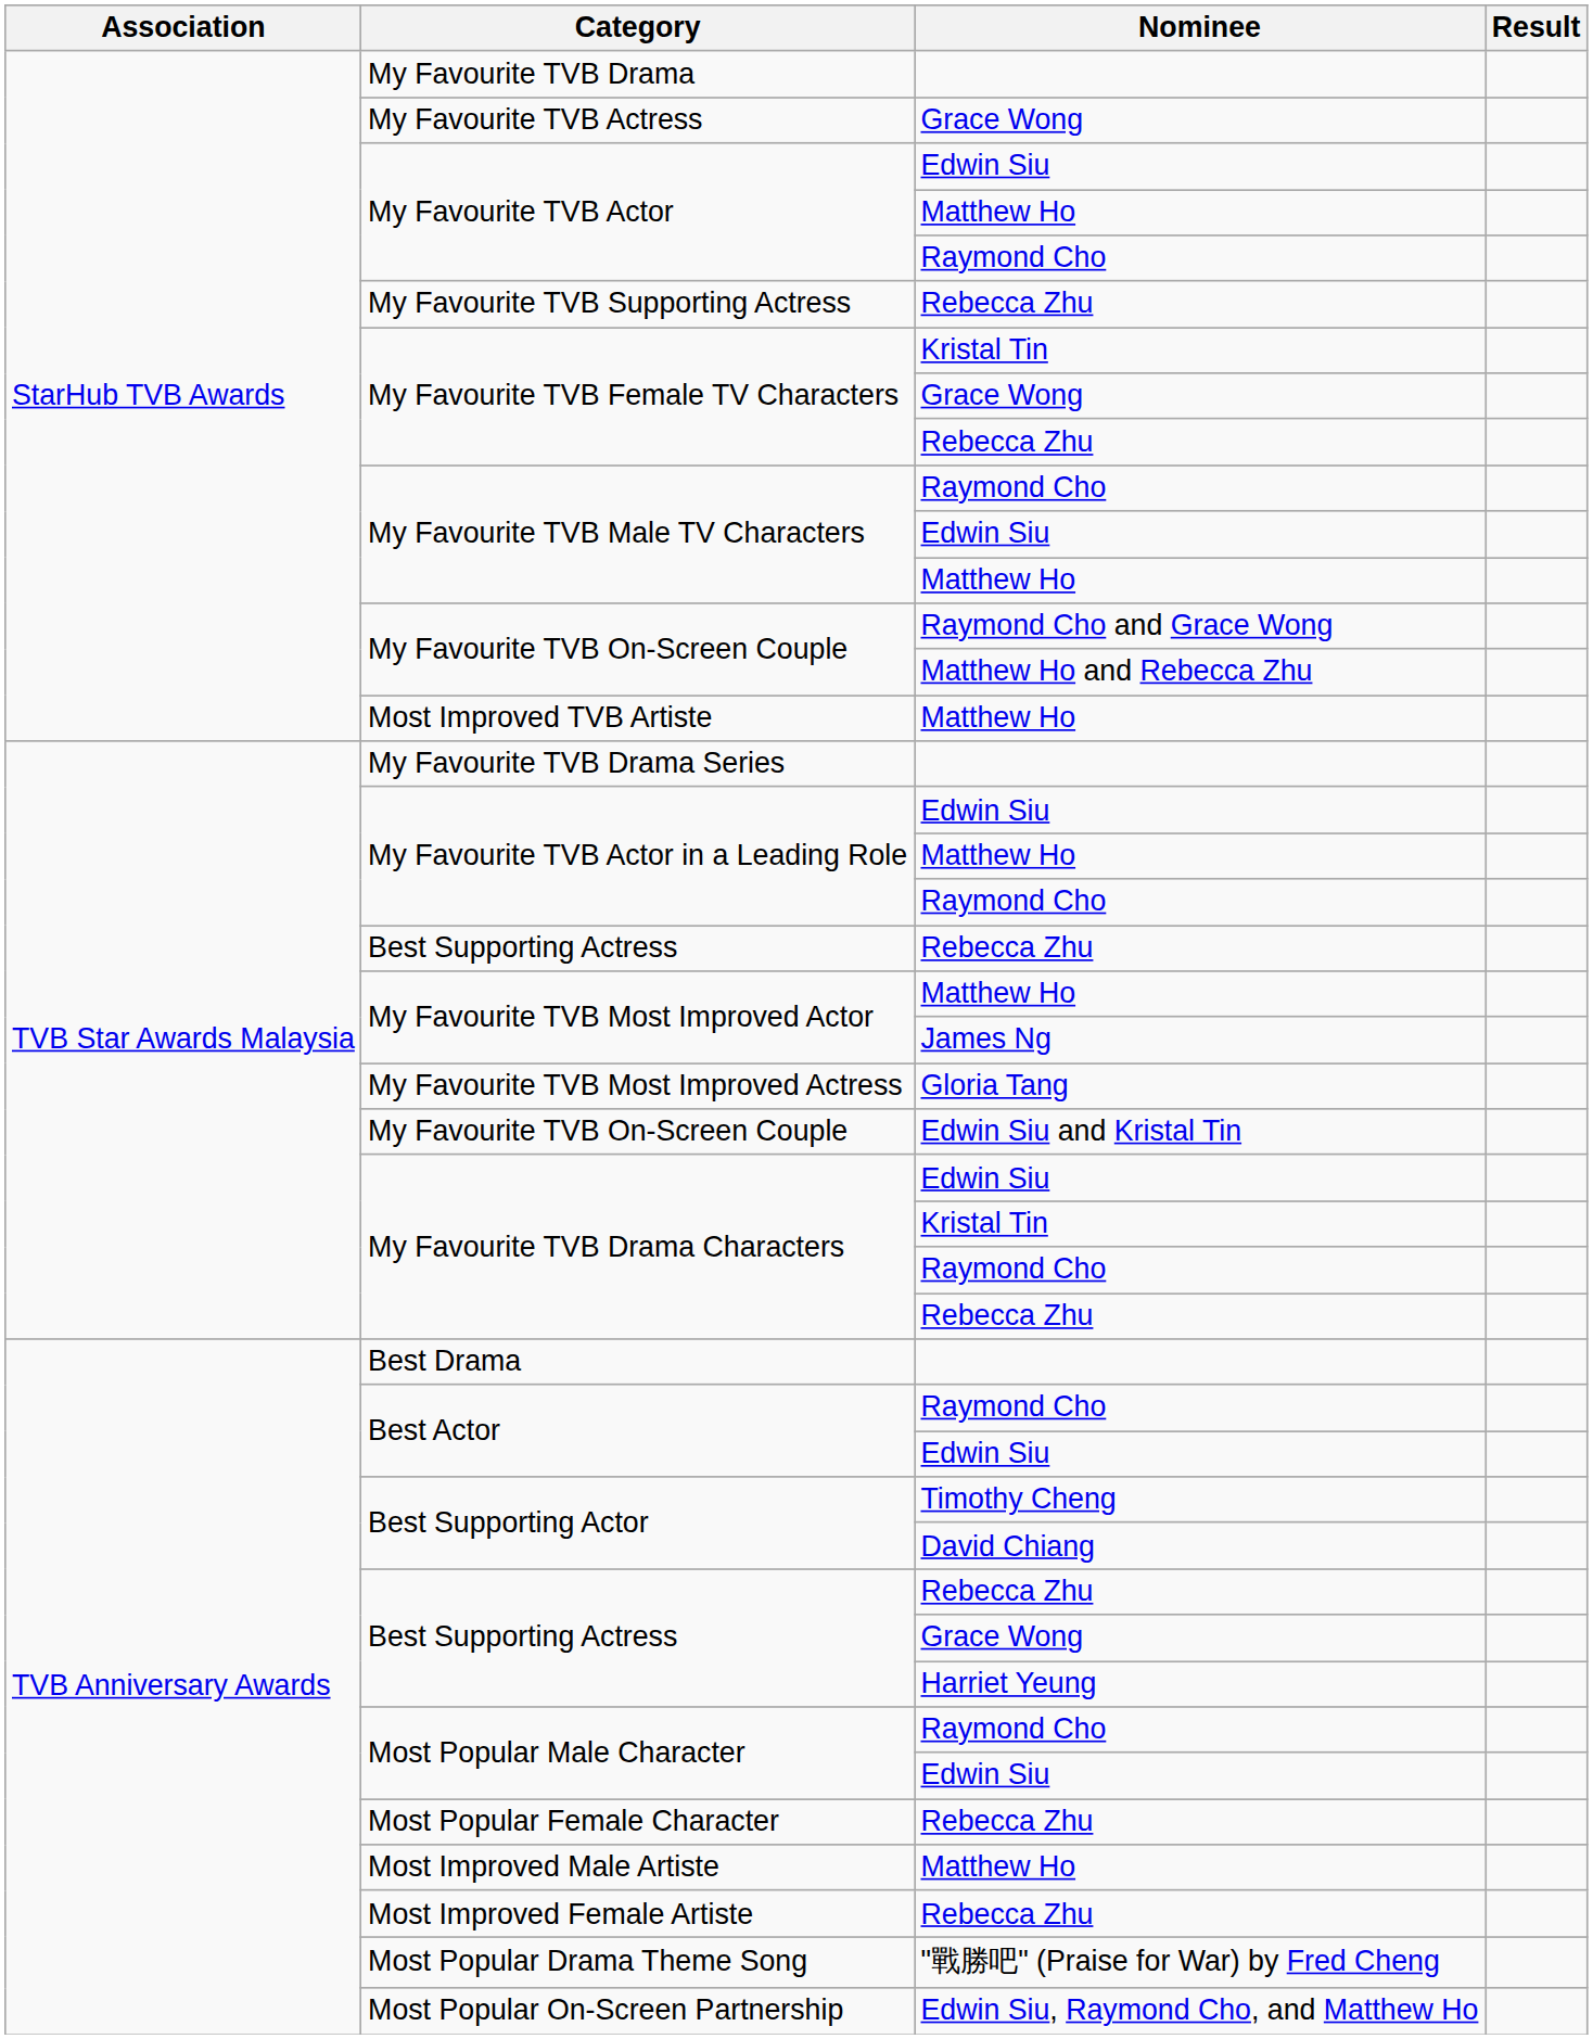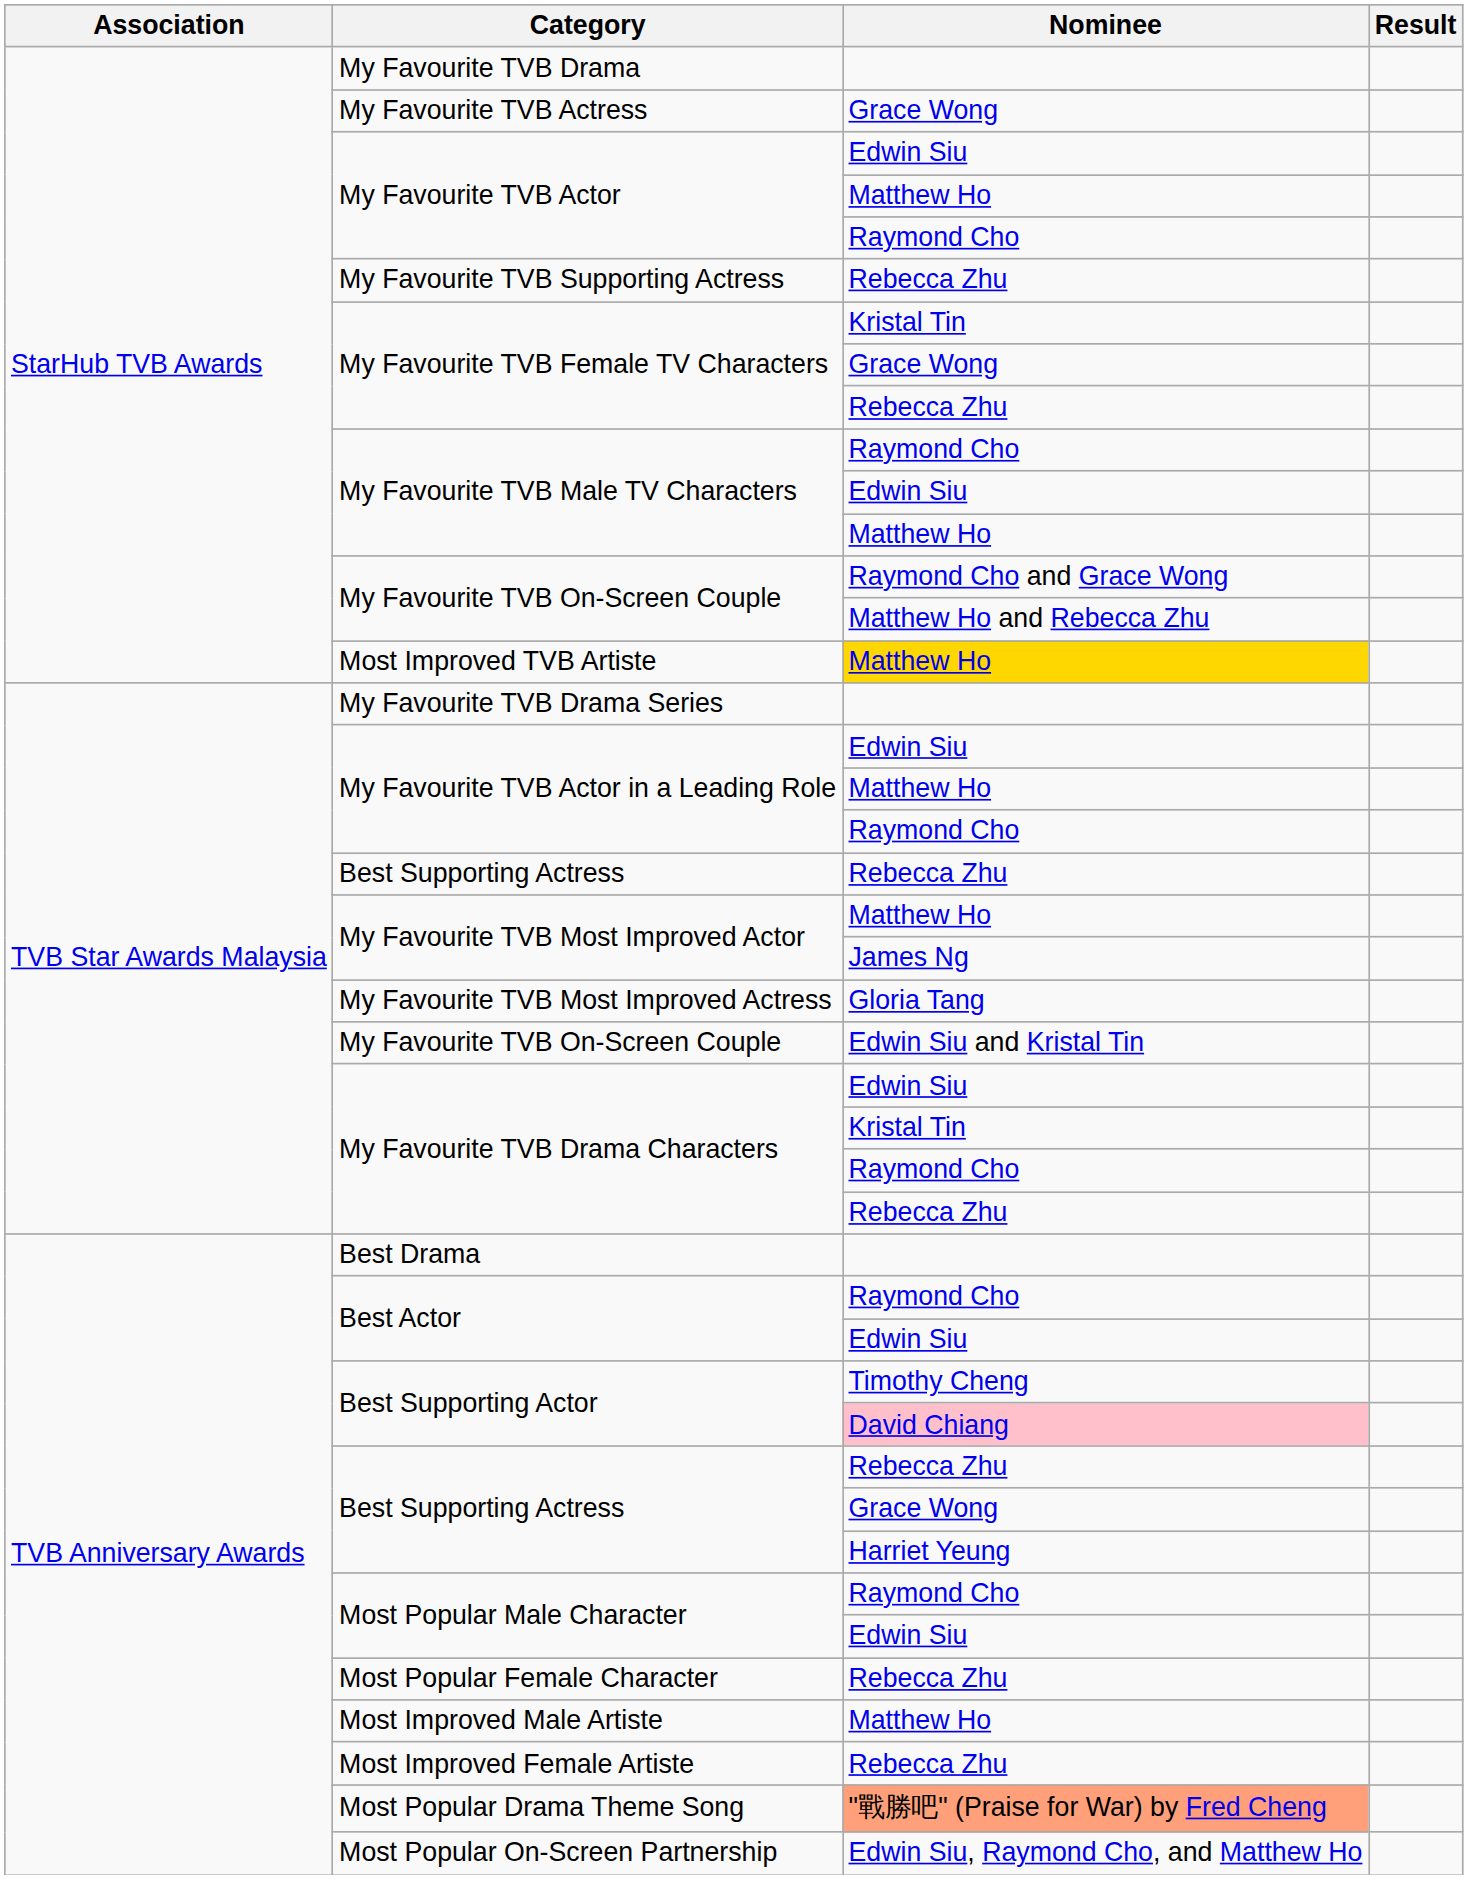 <table class="wikitable sortable">
 <tr>
 <th>Association</th>
 <th>Category</th>
 <th>Nominee</th>
 <th>Result</th>
 </tr>
 <tr>
 <td rowspan=15><a href='#'>StarHub TVB Awards</a></td>
 <td>My Favourite TVB Drama</td>
 <td></td>
 <td></td>
 </tr>
 <tr>
 <td>My Favourite TVB Actress</td>
 <td><a href='#'>Grace Wong</a></td>
 <td></td>
 </tr>
 <tr>
 <td rowspan=3>My Favourite TVB Actor</td>
 <td><a href='#'>Edwin Siu</a></td>
 <td></td>
 </tr>
 <tr>
 <td><a href='#'>Matthew Ho</a></td>
 <td></td>
 </tr>
 <tr>
 <td><a href='#'>Raymond Cho</a></td>
 <td></td>
 </tr>
 <tr>
 <td>My Favourite TVB Supporting Actress</td>
 <td><a href='#'>Rebecca Zhu</a></td>
 <td></td>
 </tr>
 <tr>
 <td rowspan=3>My Favourite TVB Female TV Characters</td>
 <td><a href='#'>Kristal Tin</a></td>
 <td></td>
 </tr>
 <tr>
 <td><a href='#'>Grace Wong</a></td>
 <td></td>
 </tr>
 <tr>
 <td><a href='#'>Rebecca Zhu</a></td>
 <td></td>
 </tr>
 <tr>
 <td rowspan=3>My Favourite TVB Male TV Characters</td>
 <td><a href='#'>Raymond Cho</a></td>
 <td></td>
 </tr>
 <tr>
 <td><a href='#'>Edwin Siu</a></td>
 <td></td>
 </tr>
 <tr>
 <td><a href='#'>Matthew Ho</a></td>
 <td></td>
 </tr>
 <tr>
 <td rowspan=2>My Favourite TVB On-Screen Couple</td>
 <td><a href='#'>Raymond Cho</a> and <a href='#'>Grace Wong</a></td>
 <td></td>
 </tr>
 <tr>
 <td><a href='#'>Matthew Ho</a> and <a href='#'>Rebecca Zhu</a></td>
 <td></td>
 </tr>
 <tr>
 <td>Most Improved TVB Artiste</td>
-<td><a href='#'>Matthew Ho</a></td>
+<td style="background: gold;"><a href='#'>Matthew Ho</a></td>
 <td></td>
 </tr>
 <tr>
 <td rowspan=13><a href='#'>TVB Star Awards Malaysia</a></td>
 <td>My Favourite TVB Drama Series</td>
 <td></td>
 <td></td>
 </tr>
 <tr>
 <td rowspan=3>My Favourite TVB Actor in a Leading Role</td>
 <td><a href='#'>Edwin Siu</a></td>
 <td></td>
 </tr>
 <tr>
 <td><a href='#'>Matthew Ho</a></td>
 <td></td>
 </tr>
 <tr>
 <td><a href='#'>Raymond Cho</a></td>
 <td></td>
 </tr>
 <tr>
 <td>Best Supporting Actress</td>
 <td><a href='#'>Rebecca Zhu</a></td>
 <td></td>
 </tr>
 <tr>
 <td rowspan=2>My Favourite TVB Most Improved Actor</td>
 <td><a href='#'>Matthew Ho</a></td>
 <td></td>
 </tr>
 <tr>
 <td><a href='#'>James Ng</a></td>
 <td></td>
 </tr>
 <tr>
 <td>My Favourite TVB Most Improved Actress</td>
 <td><a href='#'>Gloria Tang</a></td>
 <td></td>
 </tr>
 <tr>
 <td>My Favourite TVB On-Screen Couple</td>
 <td><a href='#'>Edwin Siu</a> and <a href='#'>Kristal Tin</a></td>
 <td></td>
 </tr>
 <tr>
 <td rowspan=4>My Favourite TVB Drama Characters</td>
 <td><a href='#'>Edwin Siu</a></td>
 <td></td>
 </tr>
 <tr>
 <td><a href='#'>Kristal Tin</a></td>
 <td></td>
 </tr>
 <tr>
 <td><a href='#'>Raymond Cho</a></td>
 <td></td>
 </tr>
 <tr>
 <td><a href='#'>Rebecca Zhu</a></td>
 <td></td>
 </tr>
 <tr>
 <td rowspan=15><a href='#'>TVB Anniversary Awards</a></td>
 <td>Best Drama</td>
 <td></td>
 <td></td>
 </tr>
 <tr>
 <td rowspan=2>Best Actor</td>
 <td><a href='#'>Raymond Cho</a></td>
 <td></td>
 </tr>
 <tr>
 <td><a href='#'>Edwin Siu</a></td>
 <td></td>
 </tr>
 <tr>
 <td rowspan=2>Best Supporting Actor</td>
 <td><a href='#'>Timothy Cheng</a></td>
 <td></td>
 </tr>
 <tr>
-<td><a href='#'>David Chiang</a></td>
+<td style="background: pink;"><a href='#'>David Chiang</a></td>
 <td></td>
 </tr>
 <tr>
 <td rowspan=3>Best Supporting Actress</td>
 <td><a href='#'>Rebecca Zhu</a></td>
 <td></td>
 </tr>
 <tr>
 <td><a href='#'>Grace Wong</a></td>
 <td></td>
 </tr>
 <tr>
 <td><a href='#'>Harriet Yeung</a></td>
 <td></td>
 </tr>
 <tr>
 <td rowspan=2>Most Popular Male Character</td>
 <td><a href='#'>Raymond Cho</a></td>
 <td></td>
 </tr>
 <tr>
 <td><a href='#'>Edwin Siu</a></td>
 <td></td>
 </tr>
 <tr>
 <td>Most Popular Female Character</td>
 <td><a href='#'>Rebecca Zhu</a></td>
 <td></td>
 </tr>
 <tr>
 <td>Most Improved Male Artiste</td>
 <td><a href='#'>Matthew Ho</a></td>
 <td></td>
 </tr>
 <tr>
 <td>Most Improved Female Artiste</td>
 <td><a href='#'>Rebecca Zhu</a></td>
 <td></td>
 </tr>
 <tr>
 <td>Most Popular Drama Theme Song</td>
-<td>"戰勝吧" (Praise for War) by <a href='#'>Fred Cheng</a></td>
+<td style="background: lightsalmon;">"戰勝吧" (Praise for War) by <a href='#'>Fred Cheng</a></td>
 <td></td>
 </tr>
 <tr>
 <td>Most Popular On-Screen Partnership</td>
 <td><a href='#'>Edwin Siu</a>, <a href='#'>Raymond Cho</a>, and <a href='#'>Matthew Ho</a></td>
 <td></td>
 </tr>
 </table>
